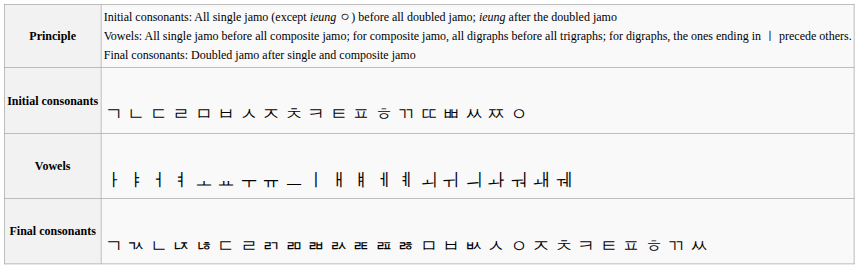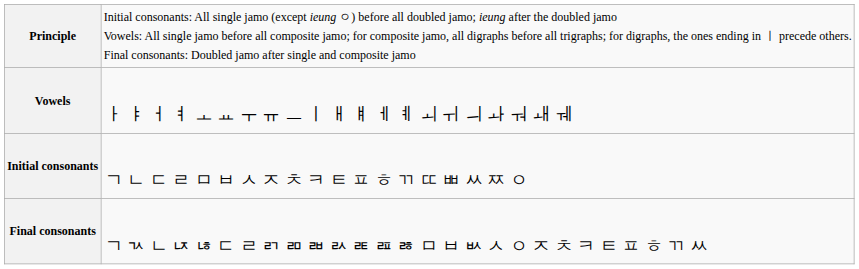 <table class="wikitable" style="line-height:1.6">
 <tr>
 <th scope="row">Principle</th>
 <td>Initial consonants: All single jamo (except <em>ieung</em> ㅇ) before all doubled jamo; <em>ieung</em> after the doubled jamo<br>Vowels: All single jamo before all composite jamo; for composite jamo, all digraphs before all trigraphs; for digraphs, the ones ending in ㅣ precede others.<br>Final consonants: Doubled jamo after single and composite jamo</td>
 </tr>
 <tr>
+<th scope="row">Vowels</th>
+<td lang="ko" style="font-size:150%"><br><span>ㅏ ㅑ ㅓ ㅕ ㅗ ㅛ ㅜ ㅠ ㅡ ㅣ</span> <span>ㅐ ㅒ ㅔ ㅖ ㅚ ㅟ ㅢ</span> <span>ㅘ ㅝ</span> <span>ㅙ ㅞ</span></td>
+</tr>
+<tr>
 <th scope="row">Initial consonants</th>
 <td lang="ko" style="font-size:150%"><br><span>ㄱ ㄴ ㄷ ㄹ ㅁ ㅂ ㅅ ㅈ ㅊ ㅋ ㅌ ㅍ ㅎ</span> <span>ㄲ ㄸ ㅃ ㅆ ㅉ</span> <span>ㅇ</span></td>
-</tr>
-<tr>
-<th scope="row">Vowels</th>
-<td lang="ko" style="font-size:150%"><br><span>ㅏ ㅑ ㅓ ㅕ ㅗ ㅛ ㅜ ㅠ ㅡ ㅣ</span> <span>ㅐ ㅒ ㅔ ㅖ ㅚ ㅟ ㅢ</span> <span>ㅘ ㅝ</span> <span>ㅙ ㅞ</span></td>
 </tr>
 <tr>
 <th scope="row">Final consonants</th>
 <td lang="ko" style="font-size:150%"><br><span>ㄱ ㄳ ㄴ ㄵ ㄶ ㄷ ㄹ ㄺ ㄻ ㄼ ㄽ ㄾ ㄿ ㅀ ㅁ ㅂ ㅄ ㅅ ㅇ ㅈ ㅊ ㅋ ㅌ ㅍ ㅎ</span> <span>ㄲ ㅆ</span></td>
 </tr>
 </table>
